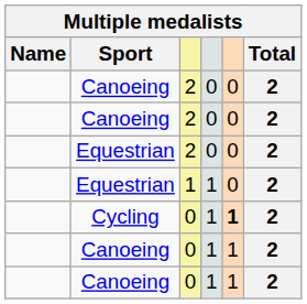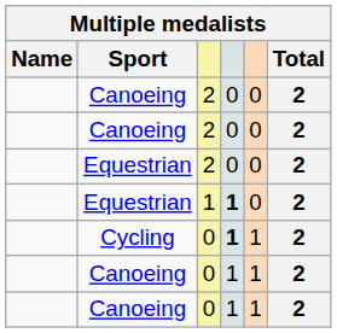 <table class="wikitable" style="font-size:85%">
 <tr style="background:#efefef;">
 <th colspan=7>Multiple medalists</th>
 </tr>
 <tr align=center>
 <th>Name</th>
 <th>Sport</th>
 <td bgcolor=#F7F6A8></td>
 <td bgcolor=#DCE5E5></td>
 <td bgcolor=#FFDAB9></td>
 <th>Total</th>
 </tr>
 <tr align=center>
 <td align=left></td>
 <td><a href='#'>Canoeing</a></td>
 <td style="background:#F7F6A8;">2</td>
 <td style="background:#DCE5E5;">0</td>
 <td style="background:#FFDAB9;">0</td>
 <th>2</th>
 </tr>
 <tr align=center>
 <td align=left></td>
 <td><a href='#'>Canoeing</a></td>
 <td style="background:#F7F6A8;">2</td>
 <td style="background:#DCE5E5;">0</td>
 <td style="background:#FFDAB9;">0</td>
 <th>2</th>
 </tr>
 <tr align=center>
 <td align=left></td>
 <td><a href='#'>Equestrian</a></td>
 <td style="background:#F7F6A8;">2</td>
 <td style="background:#DCE5E5;">0</td>
 <td style="background:#FFDAB9;">0</td>
 <th>2</th>
 </tr>
 <tr align=center>
 <td align=left></td>
 <td><a href='#'>Equestrian</a></td>
 <td style="background:#F7F6A8;">1</td>
-<td style="background:#DCE5E5;">1</td>
+<td style="background:#DCE5E5;"><strong>1</strong></td>
 <td style="background:#FFDAB9;">0</td>
 <th>2</th>
 </tr>
 <tr align=center>
 <td align=left></td>
 <td><a href='#'>Cycling</a></td>
 <td style="background:#F7F6A8;">0</td>
-<td style="background:#DCE5E5;">1</td>
-<td style="background:#FFDAB9;"><strong>1</strong></td>
+<td style="background:#DCE5E5;"><strong>1</strong></td>
+<td style="background:#FFDAB9;">1</td>
 <th>2</th>
 </tr>
 <tr align=center>
 <td align=left></td>
 <td><a href='#'>Canoeing</a></td>
 <td style="background:#F7F6A8;">0</td>
 <td style="background:#DCE5E5;">1</td>
 <td style="background:#FFDAB9;">1</td>
 <th>2</th>
 </tr>
 <tr align=center>
 <td align=left></td>
 <td><a href='#'>Canoeing</a></td>
 <td style="background:#F7F6A8;">0</td>
 <td style="background:#DCE5E5;">1</td>
 <td style="background:#FFDAB9;">1</td>
 <th>2</th>
 </tr>
 </table>
